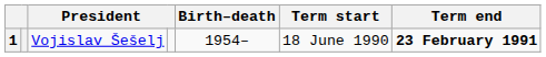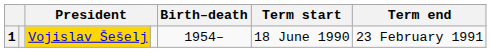 <table class="wikitable" style="text-align:center">
 <tr>
 <th colspan="2"></th>
 <th colspan="2">President</th>
 <th>Birth–death</th>
 <th>Term start</th>
 <th>Term end</th>
 </tr>
 <tr>
 <th>1</th>
 <th style="background:"></th>
-<td><a href='#'>Vojislav Šešelj</a></td>
+<td style="background: gold;"><a href='#'>Vojislav Šešelj</a></td>
 <td></td>
 <td>1954–</td>
 <td>18 June 1990</td>
-<td><strong>23 February 1991</strong></td>
+<td>23 February 1991</td>
 </tr>
 </table>
